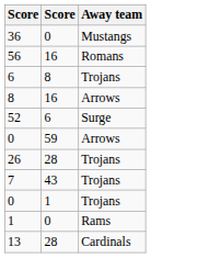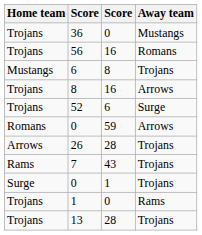 <table class="wikitable" style="text-alight:left">
 <tr>
+<th>Home team</th>
 <th>Score</th>
 <th>Score</th>
 <th>Away team</th>
 </tr>
 <tr>
+<td>Trojans</td>
 <td>36</td>
 <td>0</td>
 <td>Mustangs</td>
 </tr>
 <tr>
+<td>Trojans</td>
 <td>56</td>
 <td>16</td>
 <td>Romans</td>
 </tr>
 <tr>
+<td>Mustangs</td>
 <td>6</td>
 <td>8</td>
 <td>Trojans</td>
 </tr>
 <tr>
+<td>Trojans</td>
 <td>8</td>
 <td>16</td>
 <td>Arrows</td>
 </tr>
 <tr>
+<td>Trojans</td>
 <td>52</td>
 <td>6</td>
 <td>Surge</td>
 </tr>
 <tr>
+<td>Romans</td>
 <td>0</td>
 <td>59</td>
 <td>Arrows</td>
 </tr>
 <tr>
+<td>Arrows</td>
 <td>26</td>
 <td>28</td>
 <td>Trojans</td>
 </tr>
 <tr>
+<td>Rams</td>
 <td>7</td>
 <td>43</td>
 <td>Trojans</td>
 </tr>
 <tr>
+<td>Surge</td>
 <td>0</td>
 <td>1</td>
 <td>Trojans</td>
 </tr>
 <tr>
+<td>Trojans</td>
 <td>1</td>
 <td>0</td>
 <td>Rams</td>
 </tr>
 <tr>
+<td>Trojans</td>
 <td>13</td>
 <td>28</td>
-<td>Cardinals</td>
+<td>Trojans</td>
 </tr>
 </table>
